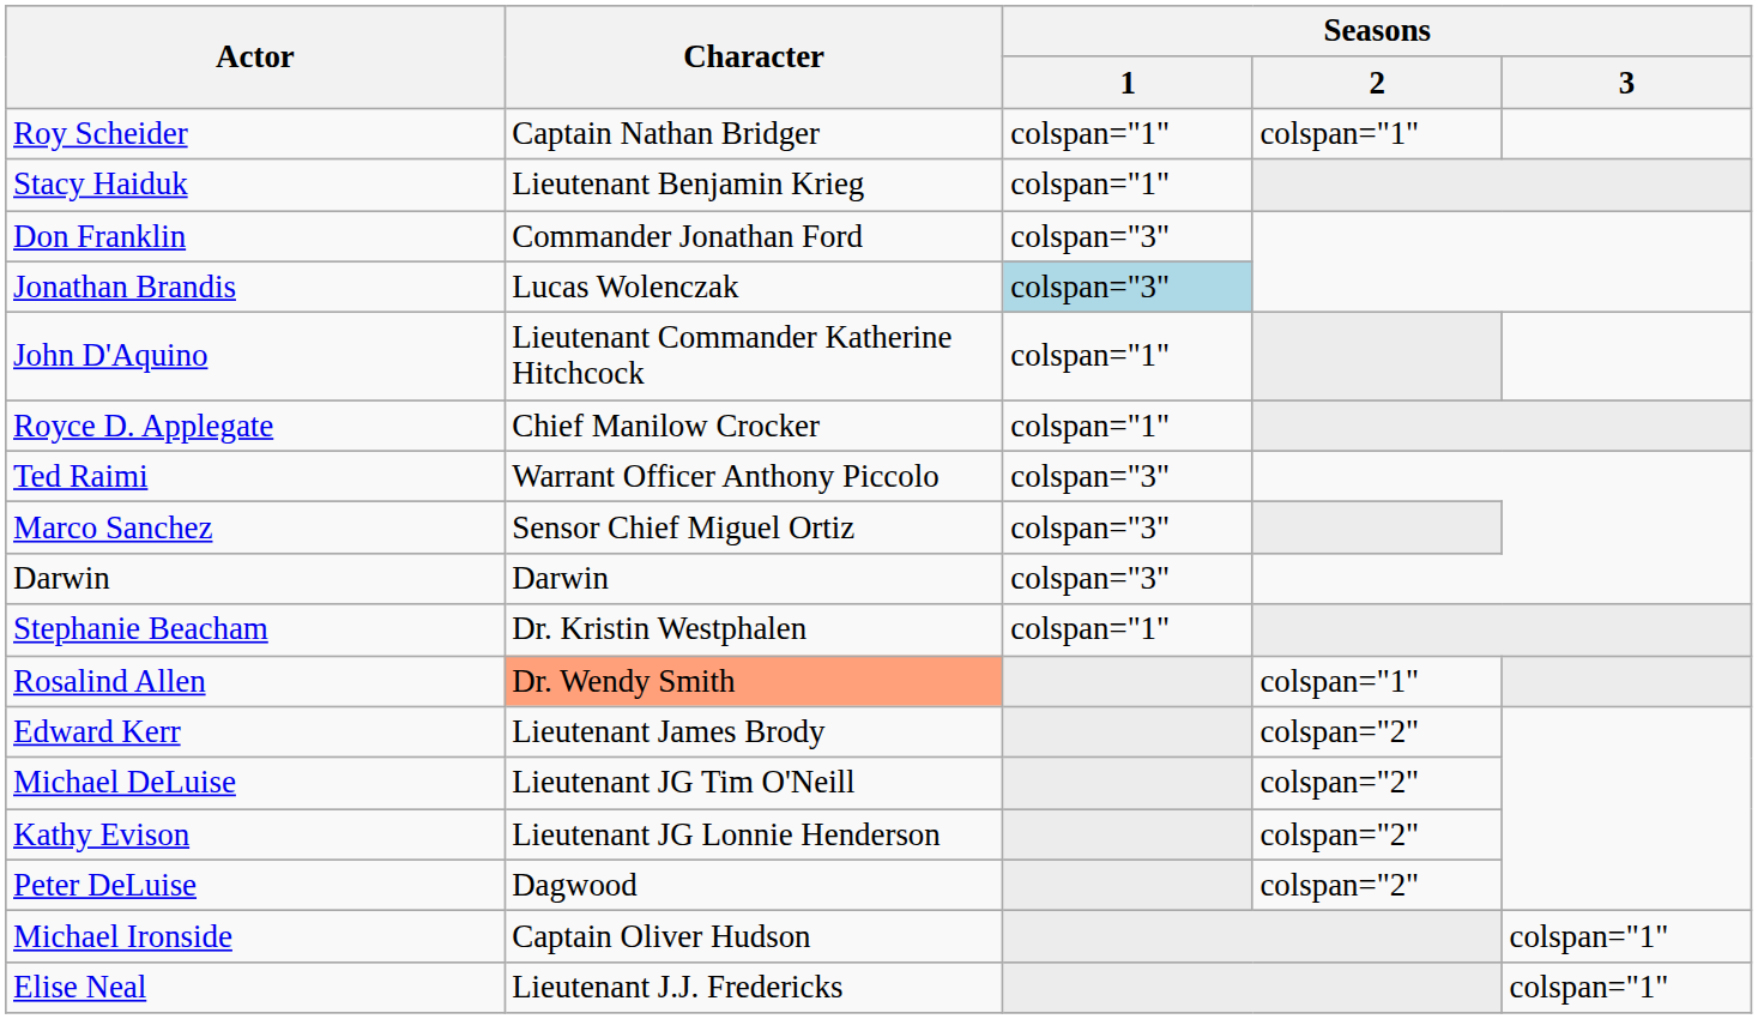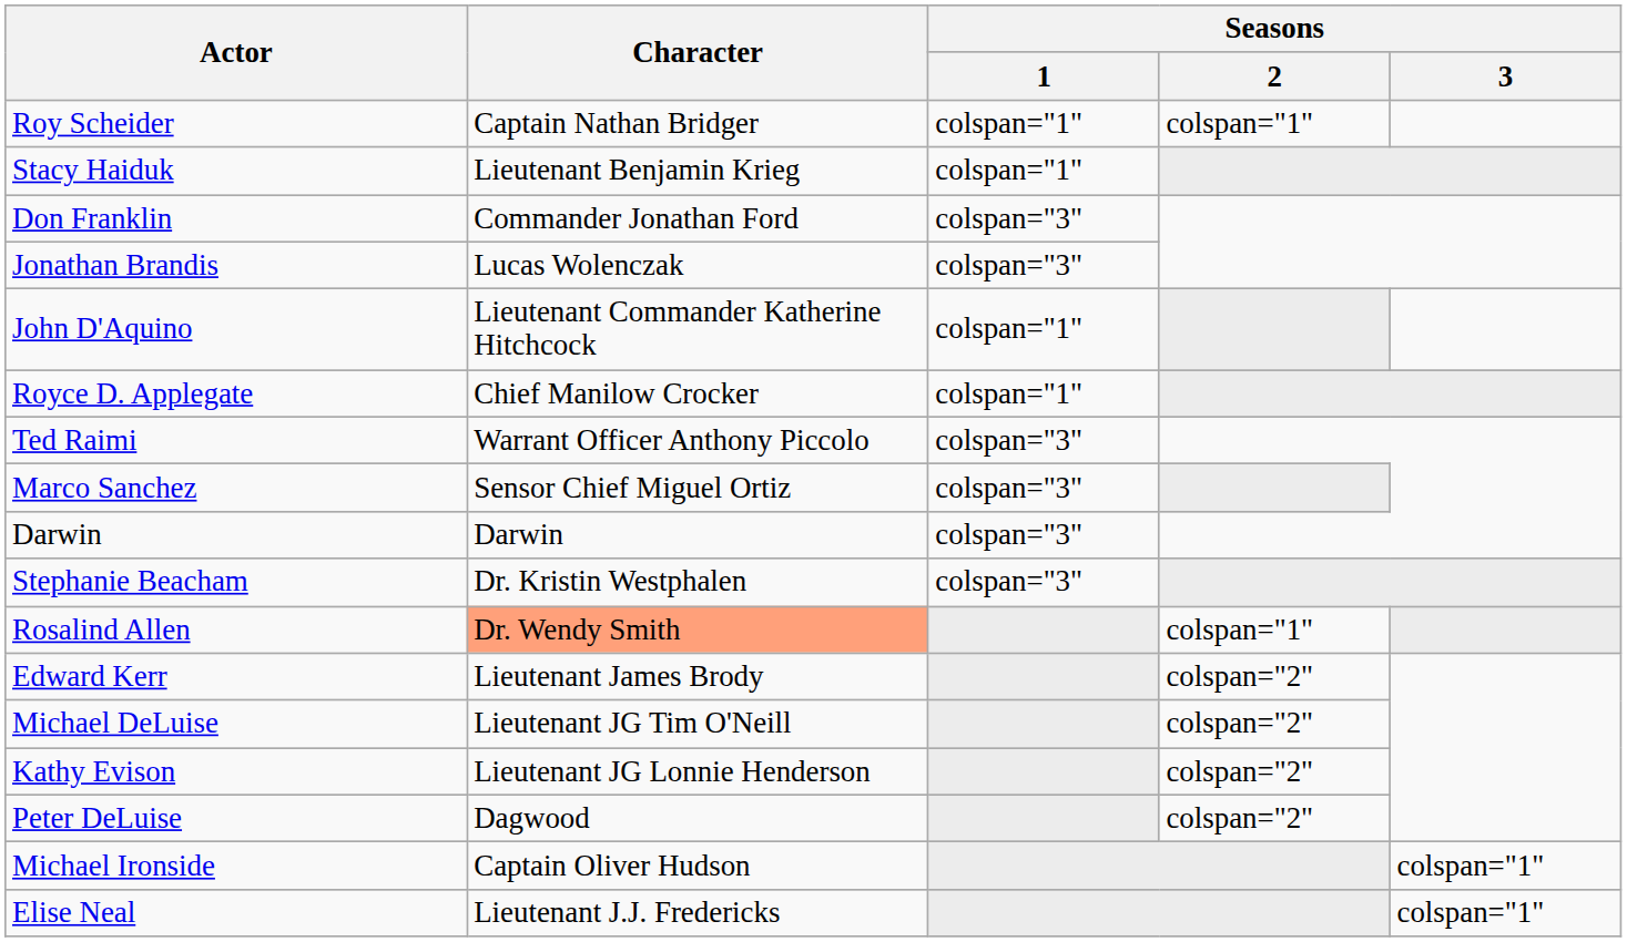 <table class="wikitable">
 <tr>
 <th style="width:20%;" rowspan="2">Actor</th>
 <th style="width:20%;" rowspan="2">Character</th>
 <th colspan="3">Seasons</th>
 </tr>
 <tr>
 <th style="width:10%;">1</th>
 <th style="width:10%;">2</th>
 <th style="width:10%;">3</th>
 </tr>
 <tr>
 <td><a href='#'>Roy Scheider</a></td>
 <td>Captain Nathan Bridger</td>
 <td>colspan="1" </td>
 <td>colspan="1" </td>
 </tr>
 <tr>
 <td><a href='#'>Stacy Haiduk</a></td>
 <td>Lieutenant Benjamin Krieg</td>
 <td>colspan="1" </td>
 <td colspan="2" style="background: #ececec; color: grey; vertical-align: middle; text-align: center; " class="table-na"></td>
 </tr>
 <tr>
 <td><a href='#'>Don Franklin</a></td>
 <td>Commander Jonathan Ford</td>
 <td>colspan="3" </td>
 </tr>
 <tr>
 <td><a href='#'>Jonathan Brandis</a></td>
 <td>Lucas Wolenczak</td>
-<td style="background: lightblue;">colspan="3" </td>
+<td>colspan="3" </td>
 </tr>
 <tr>
 <td><a href='#'>John D'Aquino</a></td>
 <td>Lieutenant Commander Katherine Hitchcock</td>
 <td>colspan="1" </td>
 <td colspan="1" style="background: #ececec; color: grey; vertical-align: middle; text-align: center; " class="table-na"></td>
 <td></td>
 </tr>
 <tr>
 <td><a href='#'>Royce D. Applegate</a></td>
 <td>Chief Manilow Crocker</td>
 <td>colspan="1" </td>
 <td colspan="2" style="background: #ececec; color: grey; vertical-align: middle; text-align: center; " class="table-na"></td>
 </tr>
 <tr>
 <td><a href='#'>Ted Raimi</a></td>
 <td>Warrant Officer Anthony Piccolo</td>
 <td>colspan="3" </td>
 </tr>
 <tr>
 <td><a href='#'>Marco Sanchez</a></td>
 <td>Sensor Chief Miguel Ortiz</td>
 <td>colspan="3" </td>
 <td colspan="1" style="background: #ececec; color: grey; vertical-align: middle; text-align: center; " class="table-na"></td>
 </tr>
 <tr>
 <td>Darwin</td>
 <td>Darwin</td>
 <td>colspan="3" </td>
 </tr>
 <tr>
 <td><a href='#'>Stephanie Beacham</a></td>
 <td>Dr. Kristin Westphalen</td>
-<td>colspan="1" </td>
+<td>colspan="3" </td>
 <td colspan="2" style="background: #ececec; color: grey; vertical-align: middle; text-align: center; " class="table-na"></td>
 </tr>
 <tr>
 <td><a href='#'>Rosalind Allen</a></td>
 <td style="background: lightsalmon;">Dr. Wendy Smith</td>
 <td colspan="1" style="background: #ececec; color: grey; vertical-align: middle; text-align: center; " class="table-na"></td>
 <td>colspan="1" </td>
 <td colspan="1" style="background: #ececec; color: grey; vertical-align: middle; text-align: center; " class="table-na"></td>
 </tr>
 <tr>
 <td><a href='#'>Edward Kerr</a></td>
 <td>Lieutenant James Brody</td>
 <td colspan="1" style="background: #ececec; color: grey; vertical-align: middle; text-align: center; " class="table-na"></td>
 <td>colspan="2" </td>
 </tr>
 <tr>
 <td><a href='#'>Michael DeLuise</a></td>
 <td>Lieutenant JG Tim O'Neill</td>
 <td colspan="1" style="background: #ececec; color: grey; vertical-align: middle; text-align: center; " class="table-na"></td>
 <td>colspan="2" </td>
 </tr>
 <tr>
 <td><a href='#'>Kathy Evison</a></td>
 <td>Lieutenant JG Lonnie Henderson</td>
 <td colspan="1" style="background: #ececec; color: grey; vertical-align: middle; text-align: center; " class="table-na"></td>
 <td>colspan="2" </td>
 </tr>
 <tr>
 <td><a href='#'>Peter DeLuise</a></td>
 <td>Dagwood</td>
 <td colspan="1" style="background: #ececec; color: grey; vertical-align: middle; text-align: center; " class="table-na"></td>
 <td>colspan="2" </td>
 </tr>
 <tr>
 <td><a href='#'>Michael Ironside</a></td>
 <td>Captain Oliver Hudson</td>
 <td colspan="2" style="background: #ececec; color: grey; vertical-align: middle; text-align: center; " class="table-na"></td>
 <td>colspan="1" </td>
 </tr>
 <tr>
 <td><a href='#'>Elise Neal</a></td>
 <td>Lieutenant J.J. Fredericks</td>
 <td colspan="2" style="background: #ececec; color: grey; vertical-align: middle; text-align: center; " class="table-na"></td>
 <td>colspan="1" </td>
 </tr>
 </table>
